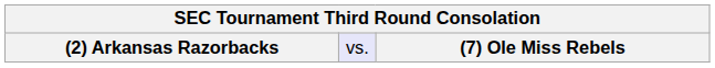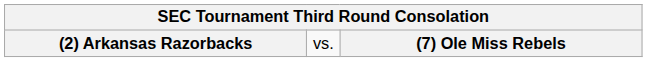 <table class="wikitable">
 <tr>
 <th style="width: 604px;" colspan=3>SEC Tournament Third Round Consolation</th>
 </tr>
 <tr>
 <th style="width: 289px; ">(2) Arkansas Razorbacks</th>
-<td style="background: lavender; width: 25px; text-align:center">vs.</td>
+<td style="width: 25px; text-align:center">vs.</td>
 <th style="width: 289px; ">(7) Ole Miss Rebels</th>
 </tr>
 </table>
